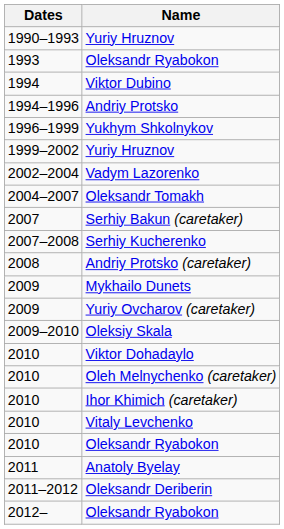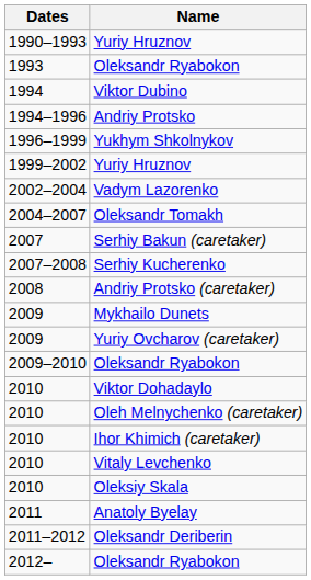 <table class="wikitable">
 <tr>
 <th>Dates</th>
 <th>Name</th>
 </tr>
 <tr>
 <td>1990–1993</td>
 <td> <a href='#'>Yuriy Hruznov</a></td>
 </tr>
 <tr>
 <td>1993</td>
 <td> <a href='#'>Oleksandr Ryabokon</a></td>
 </tr>
 <tr>
 <td>1994</td>
 <td> <a href='#'>Viktor Dubino</a></td>
 </tr>
 <tr>
 <td>1994–1996</td>
 <td> <a href='#'>Andriy Protsko</a></td>
 </tr>
 <tr>
 <td>1996–1999</td>
 <td> <a href='#'>Yukhym Shkolnykov</a></td>
 </tr>
 <tr>
 <td>1999–2002</td>
 <td> <a href='#'>Yuriy Hruznov</a></td>
 </tr>
 <tr>
 <td>2002–2004</td>
 <td> <a href='#'>Vadym Lazorenko</a></td>
 </tr>
 <tr>
 <td>2004–2007</td>
 <td> <a href='#'>Oleksandr Tomakh</a></td>
 </tr>
 <tr>
 <td>2007</td>
 <td> <a href='#'>Serhiy Bakun</a> <em>(caretaker)</em></td>
 </tr>
 <tr>
 <td>2007–2008</td>
 <td> <a href='#'>Serhiy Kucherenko</a></td>
 </tr>
 <tr>
 <td>2008</td>
 <td> <a href='#'>Andriy Protsko</a> <em>(caretaker)</em></td>
 </tr>
 <tr>
 <td>2009</td>
 <td> <a href='#'>Mykhailo Dunets</a></td>
 </tr>
 <tr>
 <td>2009</td>
 <td> <a href='#'>Yuriy Ovcharov</a> <em>(caretaker)</em></td>
 </tr>
 <tr>
 <td>2009–2010</td>
-<td> <a href='#'>Oleksiy Skala</a></td>
+<td> <a href='#'>Oleksandr Ryabokon</a></td>
 </tr>
 <tr>
 <td>2010</td>
 <td> <a href='#'>Viktor Dohadaylo</a></td>
 </tr>
 <tr>
 <td>2010</td>
 <td> <a href='#'>Oleh Melnychenko</a> <em>(caretaker)</em></td>
 </tr>
 <tr>
 <td>2010</td>
 <td> <a href='#'>Ihor Khimich</a> <em>(caretaker)</em></td>
 </tr>
 <tr>
 <td>2010</td>
 <td> <a href='#'>Vitaly Levchenko</a></td>
 </tr>
 <tr>
 <td>2010</td>
-<td> <a href='#'>Oleksandr Ryabokon</a></td>
+<td> <a href='#'>Oleksiy Skala</a></td>
 </tr>
 <tr>
 <td>2011</td>
 <td> <a href='#'>Anatoly Byelay</a></td>
 </tr>
 <tr>
 <td>2011–2012</td>
 <td> <a href='#'>Oleksandr Deriberin</a></td>
 </tr>
 <tr>
 <td>2012–</td>
 <td> <a href='#'>Oleksandr Ryabokon</a></td>
 </tr>
 </table>
